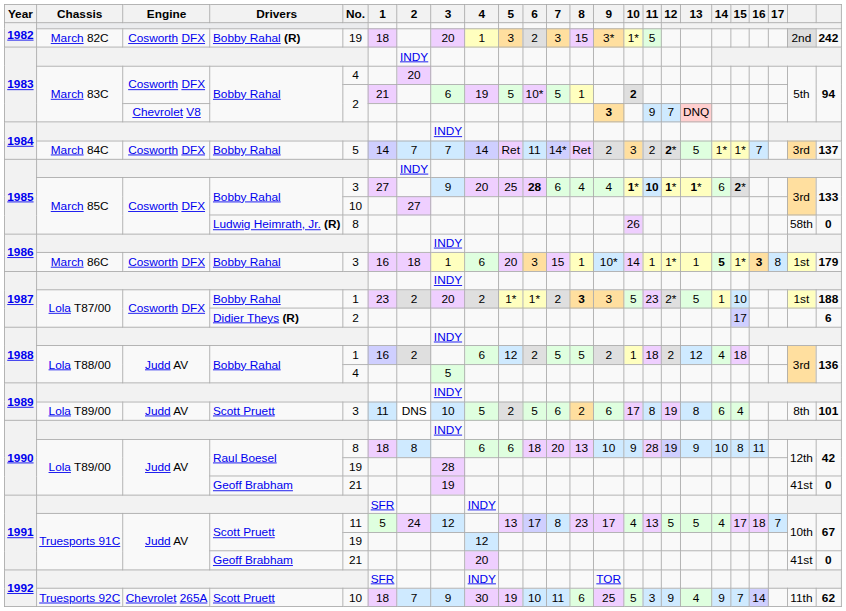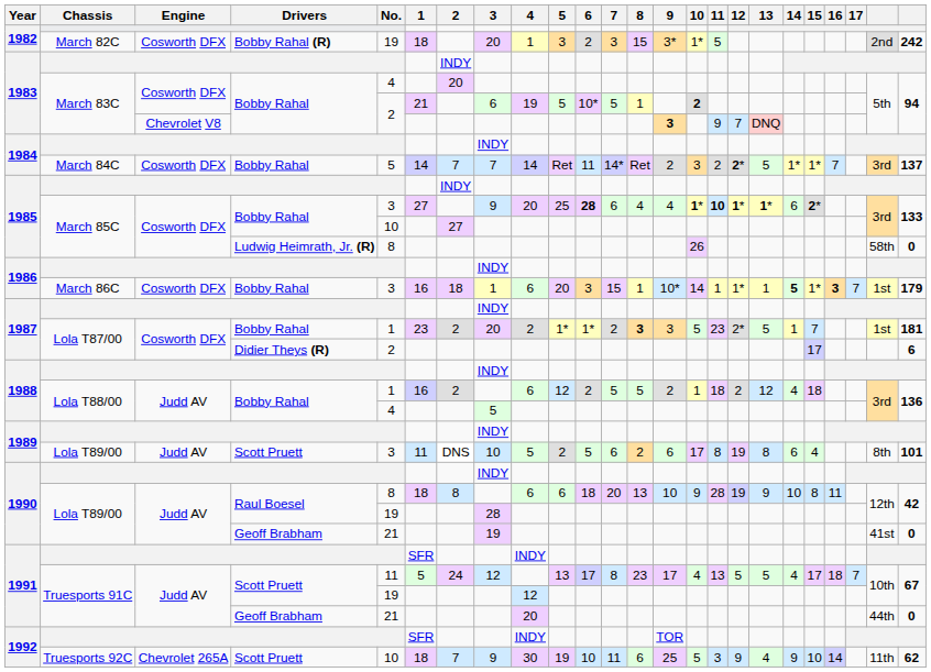 <table class="wikitable" style="text-align:center; font-size:85%">
 <tr>
 <th>Year</th>
 <th style="white-spaaace: nowrap;">Chassis</th>
 <th style="white-spaaace: nowrap;">Engine</th>
 <th style="white-spaaace: nowrap;">Drivers</th>
 <th>No.</th>
 <th>1</th>
 <th>2</th>
 <th>3</th>
 <th>4</th>
 <th>5</th>
 <th>6</th>
 <th>7</th>
 <th>8</th>
 <th>9</th>
 <th>10</th>
 <th>11</th>
 <th>12</th>
 <th>13</th>
 <th>14</th>
 <th>15</th>
 <th>16</th>
 <th>17</th>
 <th></th>
 <th></th>
 </tr>
 <tr>
 <th rowspan=2><a href='#'>1982</a></th>
 <td colspan=4 style="background:#EBECEE;"></td>
 <td></td>
 <td></td>
 <td></td>
 <td></td>
 <td></td>
 <td></td>
 <td></td>
 <td></td>
 <td></td>
 <td></td>
 <td></td>
 <th colspan=12></th>
 </tr>
 <tr>
 <td><a href='#'>March</a> 82C</td>
 <td><a href='#'>Cosworth</a> <a href='#'>DFX</a></td>
 <td align=left> <a href='#'>Bobby Rahal</a> <strong>(R)</strong></td>
 <td>19</td>
 <td style="background:#EFCFFF;" align=center>18</td>
 <td></td>
 <td style="background:#EFCFFF;" align=center>20</td>
 <td style="background:#FFFFBF;" align=center>1</td>
 <td style="background:#FFDF9F;" align=center>3</td>
 <td style="background:#DFDFDF;" align=center>2</td>
 <td style="background:#FFDF9F;" align=center>3</td>
 <td style="background:#EFCFFF;" align=center>15</td>
 <td style="background:#FFDF9F;" align=center>3*</td>
 <td style="background:#FFFFBF;" align=center>1*</td>
 <td style="background:#DFFFDF;" align=center>5</td>
 <td></td>
 <td></td>
 <td></td>
 <td></td>
 <td></td>
 <td></td>
 <td style="background:#DFDFDF;">2nd</td>
 <td><strong>242</strong></td>
 </tr>
 <tr>
 <th rowspan=4><a href='#'>1983</a></th>
 <th colspan=4></th>
 <td></td>
 <td><a href='#'>INDY</a></td>
 <td></td>
 <td></td>
 <td></td>
 <td></td>
 <td></td>
 <td></td>
 <td></td>
 <td></td>
 <td></td>
 <td></td>
 <td></td>
 <th colspan=10></th>
 </tr>
 <tr>
 <td rowspan=3><a href='#'>March</a> 83C</td>
 <td rowspan=2><a href='#'>Cosworth</a> <a href='#'>DFX</a></td>
 <td rowspan=3 align=left> <a href='#'>Bobby Rahal</a></td>
 <td>4</td>
 <td></td>
 <td style="background:#EFCFFF;" align=center>20</td>
 <td></td>
 <td></td>
 <td></td>
 <td></td>
 <td></td>
 <td></td>
 <td></td>
 <td></td>
 <td></td>
 <td></td>
 <td></td>
 <td></td>
 <td></td>
 <td></td>
 <td></td>
 <td rowspan=3>5th</td>
 <td rowspan=3><strong>94</strong></td>
 </tr>
 <tr>
 <td rowspan=2>2</td>
 <td style="background:#EFCFFF;" align=center>21</td>
 <td></td>
 <td style="background:#DFFFDF;" align=center>6</td>
 <td style="background:#EFCFFF;" align=center>19</td>
 <td style="background:#DFFFDF;" align=center>5</td>
 <td style="background:#EFCFFF;" align=center>10*</td>
 <td style="background:#DFFFDF;" align=center>5</td>
 <td style="background:#FFFFBF;" align=center>1</td>
 <td></td>
 <td style="background:#DFDFDF;" align=center><strong>2</strong></td>
 <td></td>
 <td></td>
 <td></td>
 <td></td>
 <td></td>
 <td></td>
 <td></td>
 </tr>
 <tr>
 <td><a href='#'>Chevrolet</a> <a href='#'>V8</a></td>
 <td></td>
 <td></td>
 <td></td>
 <td></td>
 <td></td>
 <td></td>
 <td></td>
 <td></td>
 <td style="background:#FFDF9F;" align=center><strong>3</strong></td>
 <td></td>
 <td style="background:#CFEAFF;" align=center>9</td>
 <td style="background:#CFEAFF;" align=center>7</td>
 <td style="background:#FFCFCF;" align=center>DNQ</td>
 <td></td>
 <td></td>
 <td></td>
 <td></td>
 </tr>
 <tr>
 <th rowspan=2><a href='#'>1984</a></th>
 <th colspan=4></th>
 <td></td>
 <td></td>
 <td><a href='#'>INDY</a></td>
 <td></td>
 <td></td>
 <td></td>
 <td></td>
 <td></td>
 <td></td>
 <td></td>
 <td></td>
 <td></td>
 <td></td>
 <td></td>
 <td></td>
 <td></td>
 <th colspan=7></th>
 </tr>
 <tr>
 <td><a href='#'>March</a> 84C</td>
 <td><a href='#'>Cosworth</a> <a href='#'>DFX</a></td>
 <td align=left> <a href='#'>Bobby Rahal</a></td>
 <td>5</td>
 <td style="background:#cfcfff;">14</td>
 <td style="background:#CFEAFF;">7</td>
 <td style="background:#CFEAFF;">7</td>
 <td style="background:#cfcfff;">14</td>
 <td style="background:#efcfff;">Ret</td>
 <td style="background:#CFEAFF;">11</td>
 <td style="background:#cfcfff;">14*</td>
 <td style="background:#efcfff;">Ret</td>
 <td style="background:#dfdfdf;">2</td>
 <td style="background:#ffdf9f;">3</td>
 <td style="background:#dfdfdf;">2</td>
 <td style="background:#dfdfdf;"><strong>2</strong>*</td>
 <td style="background:#dfffdf;">5</td>
 <td style="background:#ffffbf;">1*</td>
 <td style="background:#ffffbf;">1*</td>
 <td style="background:#CFEAFF;">7</td>
 <td></td>
 <td style="background:#FFDF9F;">3rd</td>
 <td><strong>137</strong></td>
 </tr>
 <tr>
 <th rowspan=4><a href='#'>1985</a></th>
 <th colspan=4></th>
 <td></td>
 <td><a href='#'>INDY</a></td>
 <td></td>
 <td></td>
 <td></td>
 <td></td>
 <td></td>
 <td></td>
 <td></td>
 <td></td>
 <td></td>
 <td></td>
 <td></td>
 <td></td>
 <td></td>
 <th colspan=8></th>
 </tr>
 <tr>
 <td rowspan=3><a href='#'>March</a> 85C</td>
 <td rowspan=3><a href='#'>Cosworth</a> <a href='#'>DFX</a></td>
 <td rowspan=2 align=left> <a href='#'>Bobby Rahal</a></td>
 <td>3</td>
 <td style="background:#efcfff;">27</td>
 <td></td>
 <td style="background:#CFEAFF;">9</td>
 <td style="background:#efcfff;">20</td>
 <td style="background:#efcfff;">25</td>
 <td style="background:#efcfff;"><strong>28</strong></td>
 <td style="background:#DFFFDF;">6</td>
 <td style="background:#dfffdf;">4</td>
 <td style="background:#dfffdf;">4</td>
 <td style="background:#ffffbf;"><strong>1</strong>*</td>
 <td style="background:#CFEAFF;"><strong>10</strong></td>
 <td style="background:#ffffbf;"><strong>1</strong>*</td>
 <td style="background:#ffffbf;"><strong>1</strong>*</td>
 <td style="background:#DFFFDF;">6</td>
 <td style="background:#dfdfdf;"><strong>2</strong>*</td>
 <td></td>
 <td></td>
 <td rowspan=2 style="background:#FFDF9F;">3rd</td>
 <td rowspan=2><strong>133</strong></td>
 </tr>
 <tr>
 <td>10</td>
 <td></td>
 <td style="background:#efcfff;">27</td>
 <td></td>
 <td></td>
 <td></td>
 <td></td>
 <td></td>
 <td></td>
 <td></td>
 <td></td>
 <td></td>
 <td></td>
 <td></td>
 <td></td>
 <td></td>
 <td></td>
 <td></td>
 </tr>
 <tr>
 <td align=left> <a href='#'>Ludwig Heimrath, Jr.</a> <strong>(R)</strong></td>
 <td>8</td>
 <td></td>
 <td></td>
 <td></td>
 <td></td>
 <td></td>
 <td></td>
 <td></td>
 <td></td>
 <td></td>
 <td style="background:#efcfff;">26</td>
 <td></td>
 <td></td>
 <td></td>
 <td></td>
 <td></td>
 <td></td>
 <td></td>
 <td>58th</td>
 <td><strong>0</strong></td>
 </tr>
 <tr>
 <th rowspan=2><a href='#'>1986</a></th>
 <th colspan=4></th>
 <td></td>
 <td></td>
 <td><a href='#'>INDY</a></td>
 <td></td>
 <td></td>
 <td></td>
 <td></td>
 <td></td>
 <td></td>
 <td></td>
 <td></td>
 <td></td>
 <td></td>
 <td></td>
 <td></td>
 <td></td>
 <td></td>
 <th colspan=6></th>
 </tr>
 <tr>
 <td><a href='#'>March</a> 86C</td>
 <td><a href='#'>Cosworth</a> <a href='#'>DFX</a></td>
 <td align=left> <a href='#'>Bobby Rahal</a></td>
 <td>3</td>
 <td style="background:#efcfff;">16</td>
 <td style="background:#efcfff;">18</td>
 <td style="background:#ffffbf;">1</td>
 <td style="background:#DFFFDF;">6</td>
 <td style="background:#efcfff;">20</td>
 <td style="background:#ffdf9f;">3</td>
 <td style="background:#efcfff;">15</td>
 <td style="background:#ffffbf;">1</td>
 <td style="background:#cfeaff;">10*</td>
 <td style="background:#efcfff;">14</td>
 <td style="background:#ffffbf;">1</td>
 <td style="background:#ffffbf;">1*</td>
 <td style="background:#ffffbf;">1</td>
 <td style="background:#dfffdf;"><strong>5</strong></td>
 <td style="background:#ffffbf;">1*</td>
 <td style="background:#ffdf9f;"><strong>3</strong></td>
-<td style="background:#cfeaff;">8</td>
+<td style="background:#cfeaff;">7</td>
 <td style="background:#FFFFBF;">1st</td>
 <td><strong>179</strong></td>
 </tr>
 <tr>
 <th rowspan=3><a href='#'>1987</a></th>
 <th colspan=4></th>
 <td></td>
 <td></td>
 <td><a href='#'>INDY</a></td>
 <td></td>
 <td></td>
 <td></td>
 <td></td>
 <td></td>
 <td></td>
 <td></td>
 <td></td>
 <td></td>
 <td></td>
 <td></td>
 <td></td>
 <th colspan=8></th>
 </tr>
 <tr>
 <td rowspan=2><a href='#'>Lola</a> T87/00</td>
 <td rowspan=2><a href='#'>Cosworth</a> <a href='#'>DFX</a></td>
 <td align=left> <a href='#'>Bobby Rahal</a></td>
 <td>1</td>
 <td style="background:#efcfff;">23</td>
 <td style="background:#dfdfdf;">2</td>
 <td style="background:#EFCFFF;" align=center>20</td>
 <td style="background:#dfdfdf;">2</td>
 <td style="background:#ffffbf;">1*</td>
 <td style="background:#ffffbf;">1*</td>
 <td style="background:#dfdfdf;">2</td>
 <td style="background:#ffdf9f;"><strong>3</strong></td>
 <td style="background:#ffdf9f;">3</td>
 <td style="background:#dfffdf;">5</td>
 <td style="background:#efcfff;">23</td>
 <td style="background:#dfdfdf;">2*</td>
 <td style="background:#dfffdf;">5</td>
 <td style="background:#ffffbf;">1</td>
-<td style="background:#CFEAFF;">10</td>
+<td style="background:#cfeaff;">7</td>
 <td></td>
 <td></td>
 <td style="background:#FFFFBF;">1st</td>
-<td><strong>188</strong></td>
+<td><strong>181</strong></td>
 </tr>
 <tr>
 <td align=left> <a href='#'>Didier Theys</a> <strong>(R)</strong></td>
 <td>2</td>
 <td></td>
 <td></td>
 <td></td>
 <td></td>
 <td></td>
 <td></td>
 <td></td>
 <td></td>
 <td></td>
 <td></td>
 <td></td>
 <td></td>
 <td></td>
 <td></td>
 <td style="background:#cfcfff;">17</td>
 <td></td>
 <td></td>
 <td></td>
 <td><strong>6</strong></td>
 </tr>
 <tr>
 <th rowspan=3><a href='#'>1988</a></th>
 <th colspan=4></th>
 <td></td>
 <td></td>
 <td><a href='#'>INDY</a></td>
 <td></td>
 <td></td>
 <td></td>
 <td></td>
 <td></td>
 <td></td>
 <td></td>
 <td></td>
 <td></td>
 <td></td>
 <td></td>
 <td></td>
 <th colspan=8></th>
 </tr>
 <tr>
 <td rowspan=2><a href='#'>Lola</a> T88/00</td>
 <td rowspan=2><a href='#'>Judd</a> AV</td>
 <td align=left rowspan=2> <a href='#'>Bobby Rahal</a></td>
 <td>1</td>
 <td style="background:#CFCFFF;">16</td>
 <td style="background:#DFDFDF;">2</td>
 <td></td>
 <td style="background:#DFFFDF;">6</td>
 <td style="background:#CFEAFF;">12</td>
 <td style="background:#DFDFDF;">2</td>
 <td style="background:#DFFFDF;">5</td>
 <td style="background:#DFFFDF;">5</td>
 <td style="background:#DFDFDF;">2</td>
 <td style="background:#FFFFBF;">1</td>
 <td style="background:#EFCFFF;">18</td>
 <td style="background:#DFDFDF;">2</td>
 <td style="background:#CFEAFF;">12</td>
 <td style="background:#DFFFDF;">4</td>
 <td style="background:#EFCFFF;">18</td>
 <td></td>
 <td></td>
 <td rowspan=2 style="background:#FFDF9F;">3rd</td>
 <td rowspan=2><strong>136</strong></td>
 </tr>
 <tr>
 <td>4</td>
 <td></td>
 <td></td>
 <td style="background:#DFFFDF;">5</td>
 <td></td>
 <td></td>
 <td></td>
 <td></td>
 <td></td>
 <td></td>
 <td></td>
 <td></td>
 <td></td>
 <td></td>
 <td></td>
 <td></td>
 <td></td>
 <td></td>
 </tr>
 <tr>
 <th rowspan=2><a href='#'>1989</a></th>
 <th colspan=4></th>
 <td></td>
 <td></td>
 <td><a href='#'>INDY</a></td>
 <td></td>
 <td></td>
 <td></td>
 <td></td>
 <td></td>
 <td></td>
 <td></td>
 <td></td>
 <td></td>
 <td></td>
 <td></td>
 <td></td>
 <th colspan=8></th>
 </tr>
 <tr>
 <td><a href='#'>Lola</a> T89/00</td>
 <td><a href='#'>Judd</a> AV</td>
 <td align=left> <a href='#'>Scott Pruett</a></td>
 <td>3</td>
 <td style="background:#CFEAFF;">11</td>
 <td style="background:#ffffff;">DNS</td>
 <td style="background:#CFEAFF;">10</td>
 <td style="background:#DFFFDF;">5</td>
 <td style="background:#DFDFDF;">2</td>
 <td style="background:#DFFFDF;">5</td>
 <td style="background:#DFFFDF;">6</td>
 <td style="background:#FFDF9F;">2</td>
 <td style="background:#DFFFDF;">6</td>
 <td style="background:#EFCFFF;">17</td>
 <td style="background:#CFEAFF;">8</td>
 <td style="background:#EFCFFF;">19</td>
 <td style="background:#CFEAFF;">8</td>
 <td style="background:#DFFFDF;">6</td>
 <td style="background:#DFFFDF;">4</td>
 <td></td>
 <td></td>
 <td>8th</td>
 <td><strong>101</strong></td>
 </tr>
 <tr>
 <th rowspan=4><a href='#'>1990</a></th>
 <th colspan=4></th>
 <td></td>
 <td></td>
 <td><a href='#'>INDY</a></td>
 <td></td>
 <td></td>
 <td></td>
 <td></td>
 <td></td>
 <td></td>
 <td></td>
 <td></td>
 <td></td>
 <td></td>
 <td></td>
 <td></td>
 <td></td>
 <th colspan=7></th>
 </tr>
 <tr>
 <td rowspan=3><a href='#'>Lola</a> T89/00</td>
 <td rowspan=3><a href='#'>Judd</a> AV</td>
 <td align=left rowspan=2> <a href='#'>Raul Boesel</a></td>
 <td>8</td>
 <td style="background:#efcfff;">18</td>
 <td style="background:#CFEAFF;">8</td>
 <td></td>
 <td style="background:#DFFFDF;">6</td>
 <td style="background:#DFFFDF;">6</td>
 <td style="background:#efcfff;">18</td>
 <td style="background:#efcfff;">20</td>
 <td style="background:#efcfff;">13</td>
 <td style="background:#CFEAFF;">10</td>
 <td style="background:#CFEAFF;">9</td>
 <td style="background:#efcfff;">28</td>
 <td style="background:#cfcfff;">19</td>
 <td style="background:#CFEAFF;">9</td>
 <td style="background:#CFEAFF;">10</td>
 <td style="background:#CFEAFF;">8</td>
 <td style="background:#CFEAFF;">11</td>
 <td></td>
 <td rowspan=2>12th</td>
 <td rowspan=2><strong>42</strong></td>
 </tr>
 <tr>
 <td>19</td>
 <td></td>
 <td></td>
 <td style="background:#efcfff;">28</td>
 <td></td>
 <td></td>
 <td></td>
 <td></td>
 <td></td>
 <td></td>
 <td></td>
 <td></td>
 <td></td>
 <td></td>
 <td></td>
 <td></td>
 <td></td>
 <td></td>
 </tr>
 <tr>
 <td align=left> <a href='#'>Geoff Brabham</a></td>
 <td>21</td>
 <td></td>
 <td></td>
 <td style="background:#efcfff;">19</td>
 <td></td>
 <td></td>
 <td></td>
 <td></td>
 <td></td>
 <td></td>
 <td></td>
 <td></td>
 <td></td>
 <td></td>
 <td></td>
 <td></td>
 <td></td>
 <td></td>
 <td>41st</td>
 <td><strong>0</strong></td>
 </tr>
 <tr>
 <th rowspan=4><a href='#'>1991</a></th>
 <th colspan=4></th>
 <td><a href='#'>SFR</a></td>
 <td></td>
 <td></td>
 <td><a href='#'>INDY</a></td>
 <td></td>
 <td></td>
 <td></td>
 <td></td>
 <td></td>
 <td></td>
 <td></td>
 <td></td>
 <td></td>
 <td></td>
 <td></td>
 <td></td>
 <td></td>
 <th colspan=6></th>
 </tr>
 <tr>
 <td rowspan=3><a href='#'>Truesports 91C</a></td>
 <td rowspan=3><a href='#'>Judd</a> AV</td>
 <td rowspan=2 align=left> <a href='#'>Scott Pruett</a></td>
 <td>11</td>
 <td style="background:#DFFFDF;">5</td>
 <td style="background:#EFCFFF;">24</td>
 <td style="background:#CFEAFF;">12</td>
 <td></td>
 <td style="background:#EFCFFF;">13</td>
 <td style="background:#CFCFFF;">17</td>
 <td style="background:#CFEAFF;">8</td>
 <td style="background:#EFCFFF;">23</td>
 <td style="background:#EFCFFF;">17</td>
 <td style="background:#DFFFDF;">4</td>
 <td style="background:#EFCFFF;">13</td>
 <td style="background:#DFFFDF;">5</td>
 <td style="background:#DFFFDF;">5</td>
 <td style="background:#DFFFDF;">4</td>
 <td style="background:#EFCFFF;">17</td>
 <td style="background:#EFCFFF;">18</td>
 <td style="background:#CFEAFF;">7</td>
 <td rowspan=2>10th</td>
 <td rowspan=2><strong>67</strong></td>
 </tr>
 <tr>
 <td>19</td>
 <td></td>
 <td></td>
 <td></td>
 <td style="background:#CFEAFF;">12</td>
 <td></td>
 <td></td>
 <td></td>
 <td></td>
 <td></td>
 <td></td>
 <td></td>
 <td></td>
 <td></td>
 <td></td>
 <td></td>
 <td></td>
 <td></td>
 </tr>
 <tr>
 <td align=left> <a href='#'>Geoff Brabham</a></td>
 <td>21</td>
 <td></td>
 <td></td>
 <td></td>
 <td style="background:#EFCFFF;">20</td>
 <td></td>
 <td></td>
 <td></td>
 <td></td>
 <td></td>
 <td></td>
 <td></td>
 <td></td>
 <td></td>
 <td></td>
 <td></td>
 <td></td>
 <td></td>
-<td>41st</td>
+<td>44th</td>
 <td><strong>0</strong></td>
 </tr>
 <tr>
 <th rowspan=2><a href='#'>1992</a></th>
 <th colspan=4></th>
 <td><a href='#'>SFR</a></td>
 <td></td>
 <td></td>
 <td><a href='#'>INDY</a></td>
 <td></td>
 <td></td>
 <td></td>
 <td></td>
 <td><a href='#'>TOR</a></td>
 <td></td>
 <td></td>
 <td></td>
 <td></td>
 <td></td>
 <td></td>
 <td></td>
 <th colspan=7></th>
 </tr>
 <tr>
 <td><a href='#'>Truesports 92C</a></td>
 <td><a href='#'>Chevrolet</a> <a href='#'>265A</a></td>
 <td align=left> <a href='#'>Scott Pruett</a></td>
 <td>10</td>
 <td style="background:#efcfff;">18</td>
 <td style="background:#CFEAFF;">7</td>
 <td style="background:#CFEAFF;">9</td>
 <td style="background:#efcfff;">30</td>
 <td style="background:#efcfff;">19</td>
 <td style="background:#CFEAFF;">10</td>
 <td style="background:#CFEAFF;">11</td>
 <td style="background:#DFFFDF;">6</td>
 <td style="background:#efcfff;">25</td>
 <td style="background:#dfffdf;">5</td>
 <td style="background:#CFEAFF;">3</td>
 <td style="background:#CFEAFF;">9</td>
 <td style="background:#dfffdf;">4</td>
 <td style="background:#CFEAFF;">9</td>
-<td style="background:#cfeaff;">7</td>
+<td style="background:#CFEAFF;">10</td>
 <td style="background:#CFCFFF;">14</td>
 <td></td>
 <td>11th</td>
 <td><strong>62</strong></td>
 </tr>
 </table>
